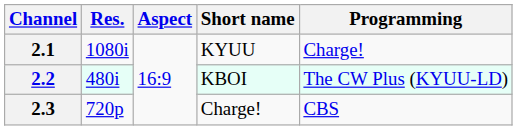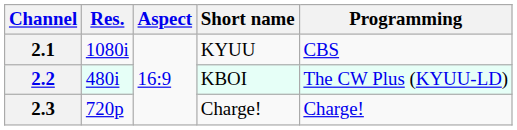 <table class="wikitable">
 <tr>
 <th scope = "col"><a href='#'>Channel</a></th>
 <th scope = "col"><a href='#'>Res.</a></th>
 <th scope = "col"><a href='#'>Aspect</a></th>
 <th scope = "col">Short name</th>
 <th scope = "col">Programming</th>
 </tr>
 <tr>
 <th scope = "row">2.1</th>
 <td><a href='#'>1080i</a></td>
 <td rowspan=3><a href='#'>16:9</a></td>
 <td>KYUU</td>
-<td><a href='#'>Charge!</a></td>
+<td><a href='#'>CBS</a></td>
 </tr>
 <tr style="background-color: #E6FFF7;">
 <th scope = "row"><a href='#'>2.2</a></th>
 <td><a href='#'>480i</a></td>
 <td>KBOI</td>
 <td><a href='#'>The CW Plus</a> (<a href='#'>KYUU-LD</a>)</td>
 </tr>
 <tr>
 <th scope = "row">2.3</th>
 <td><a href='#'>720p</a></td>
 <td>Charge!</td>
-<td><a href='#'>CBS</a></td>
+<td><a href='#'>Charge!</a></td>
 </tr>
 </table>
